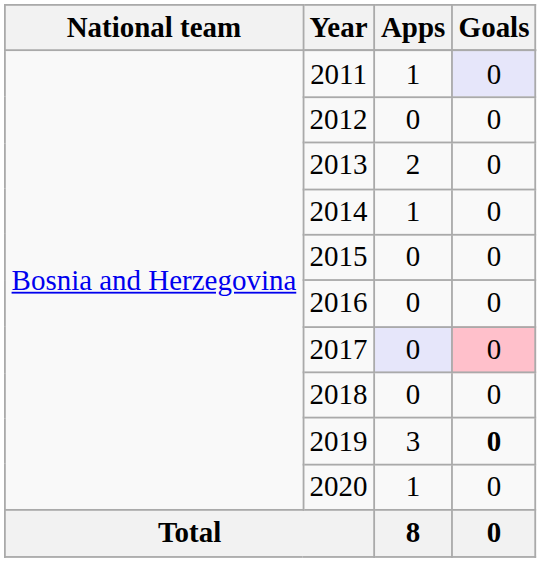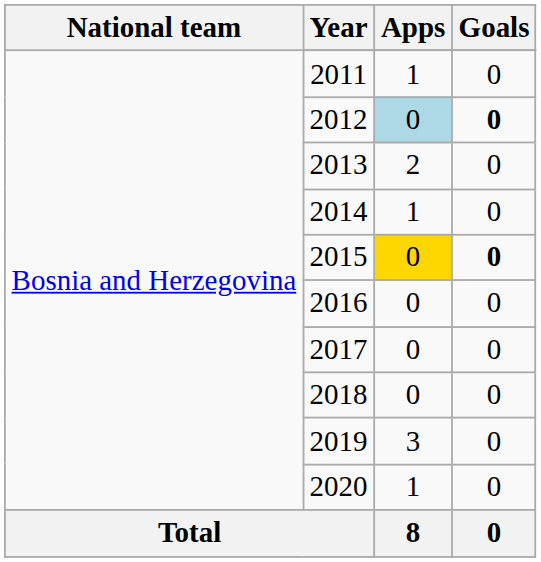 <table class="wikitable" style="text-align:center">
 <tr>
 <th>National team</th>
 <th>Year</th>
 <th>Apps</th>
 <th>Goals</th>
 </tr>
 <tr>
 <td rowspan=11><a href='#'>Bosnia and Herzegovina</a></td>
 </tr>
 <tr>
 <td>2011</td>
 <td>1</td>
-<td style="background: lavender;">0</td>
+<td>0</td>
 </tr>
 <tr>
 <td>2012</td>
-<td>0</td>
-<td>0</td>
+<td style="background: lightblue;">0</td>
+<td><strong>0</strong></td>
 </tr>
 <tr>
 <td>2013</td>
 <td>2</td>
 <td>0</td>
 </tr>
 <tr>
 <td>2014</td>
 <td>1</td>
 <td>0</td>
 </tr>
 <tr>
 <td>2015</td>
-<td>0</td>
-<td>0</td>
+<td style="background: gold;">0</td>
+<td><strong>0</strong></td>
 </tr>
 <tr>
 <td>2016</td>
 <td>0</td>
 <td>0</td>
 </tr>
 <tr>
 <td>2017</td>
-<td style="background: lavender;">0</td>
-<td style="background: pink;">0</td>
+<td>0</td>
+<td>0</td>
 </tr>
 <tr>
 <td>2018</td>
 <td>0</td>
 <td>0</td>
 </tr>
 <tr>
 <td>2019</td>
 <td>3</td>
-<td><strong>0</strong></td>
+<td>0</td>
 </tr>
 <tr>
 <td>2020</td>
 <td>1</td>
 <td>0</td>
 </tr>
 <tr>
 <th colspan=2>Total</th>
 <th>8</th>
 <th>0</th>
 </tr>
 </table>
